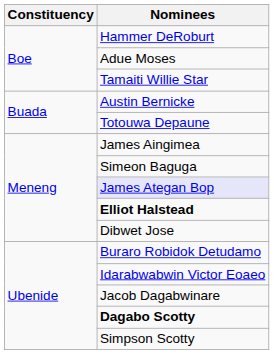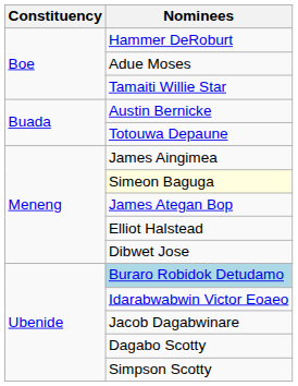 <table class=wikitable>
 <tr>
 <th>Constituency</th>
 <th>Nominees</th>
 </tr>
 <tr>
 <td rowspan=3><a href='#'>Boe</a></td>
 <td><a href='#'>Hammer DeRoburt</a></td>
 </tr>
 <tr>
 <td>Adue Moses</td>
 </tr>
 <tr>
 <td><a href='#'>Tamaiti Willie Star</a></td>
 </tr>
 <tr>
 <td rowspan=2><a href='#'>Buada</a></td>
 <td><a href='#'>Austin Bernicke</a></td>
 </tr>
 <tr>
 <td><a href='#'>Totouwa Depaune</a></td>
 </tr>
 <tr>
 <td rowspan=5><a href='#'>Meneng</a></td>
 <td>James Aingimea</td>
 </tr>
 <tr>
-<td>Simeon Baguga</td>
+<td style="background: lightyellow;">Simeon Baguga</td>
 </tr>
 <tr>
-<td style="background: lavender;"><a href='#'>James Ategan Bop</a></td>
+<td><a href='#'>James Ategan Bop</a></td>
 </tr>
 <tr>
-<td><strong>Elliot Halstead</strong></td>
+<td>Elliot Halstead</td>
 </tr>
 <tr>
 <td>Dibwet Jose</td>
 </tr>
 <tr>
 <td rowspan=5><a href='#'>Ubenide</a></td>
-<td><a href='#'>Buraro Robidok Detudamo</a></td>
+<td style="background: lightblue;"><a href='#'>Buraro Robidok Detudamo</a></td>
 </tr>
 <tr>
 <td><a href='#'>Idarabwabwin Victor Eoaeo</a></td>
 </tr>
 <tr>
 <td>Jacob Dagabwinare</td>
 </tr>
 <tr>
-<td><strong>Dagabo Scotty</strong></td>
+<td>Dagabo Scotty</td>
 </tr>
 <tr>
 <td>Simpson Scotty</td>
 </tr>
 </table>
